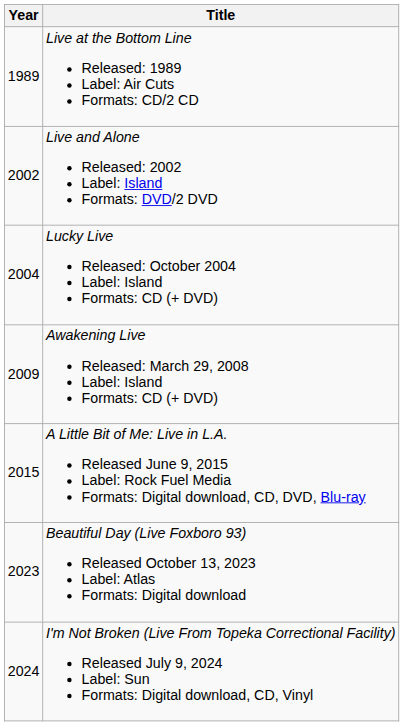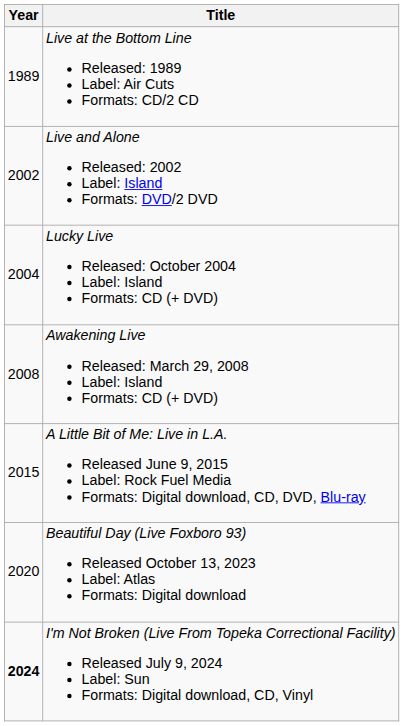 <table class="wikitable">
 <tr>
 <th scope="col">Year</th>
 <th scope="col">Title</th>
 </tr>
 <tr>
 <td>1989</td>
 <td><em>Live at the Bottom Line</em><br><ul><li>Released: 1989</li><li>Label: Air Cuts</li><li>Formats: CD/2 CD</li></ul></td>
 </tr>
 <tr>
 <td>2002</td>
 <td><em>Live and Alone</em><br><ul><li>Released: 2002</li><li>Label: <a href='#'>Island</a></li><li>Formats: <a href='#'>DVD</a>/2 DVD</li></ul></td>
 </tr>
 <tr>
 <td>2004</td>
 <td><em>Lucky Live</em><br><ul><li>Released: October 2004</li><li>Label: Island</li><li>Formats: CD (+ DVD)</li></ul></td>
 </tr>
 <tr>
-<td>2009</td>
+<td>2008</td>
 <td><em>Awakening Live</em><br><ul><li>Released: March 29, 2008</li><li>Label: Island</li><li>Formats: CD (+ DVD)</li></ul></td>
 </tr>
 <tr>
 <td>2015</td>
 <td><em>A Little Bit of Me: Live in L.A.</em><br><ul><li>Released June 9, 2015</li><li>Label: Rock Fuel Media</li><li>Formats: Digital download, CD, DVD, <a href='#'>Blu-ray</a></li></ul></td>
 </tr>
 <tr>
-<td>2023</td>
+<td>2020</td>
 <td><em>Beautiful Day (Live Foxboro 93)</em><br><ul><li>Released October 13, 2023</li><li>Label: Atlas</li><li>Formats: Digital download</li></ul></td>
 </tr>
 <tr>
-<td>2024</td>
+<td><strong>2024</strong></td>
 <td><em> I'm Not Broken (Live From Topeka Correctional Facility)</em><br><ul><li>Released July 9, 2024</li><li>Label: Sun</li><li>Formats: Digital download, CD, Vinyl</li></ul></td>
 </tr>
 </table>
